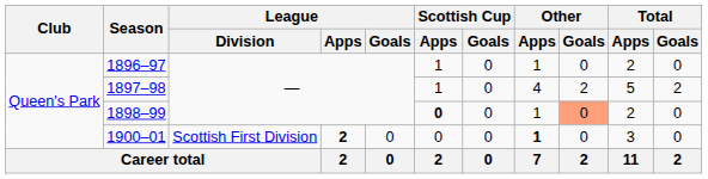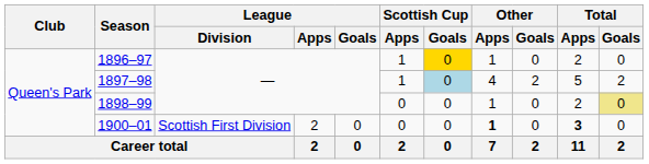 <table class="wikitable" style="text-align: center;">
 <tr>
 <th rowspan="2">Club</th>
 <th rowspan="2">Season</th>
 <th colspan="3">League</th>
 <th colspan="2">Scottish Cup</th>
 <th colspan="2">Other</th>
 <th colspan="2">Total</th>
 </tr>
 <tr>
 <th>Division</th>
 <th>Apps</th>
 <th>Goals</th>
 <th>Apps</th>
 <th>Goals</th>
 <th>Apps</th>
 <th>Goals</th>
 <th>Apps</th>
 <th>Goals</th>
 </tr>
 <tr>
 <td rowspan="4"><a href='#'>Queen's Park</a></td>
 <td><a href='#'>1896–97</a></td>
 <td colspan="3" rowspan="3">—</td>
 <td>1</td>
-<td>0</td>
+<td style="background: gold;">0</td>
 <td>1</td>
 <td>0</td>
 <td>2</td>
 <td>0</td>
 </tr>
 <tr>
 <td><a href='#'>1897–98</a></td>
 <td>1</td>
-<td>0</td>
+<td style="background: lightblue;">0</td>
 <td>4</td>
 <td>2</td>
 <td>5</td>
 <td>2</td>
 </tr>
 <tr>
 <td><a href='#'>1898–99</a></td>
-<td><strong>0</strong></td>
+<td>0</td>
 <td>0</td>
 <td>1</td>
-<td style="background: lightsalmon;">0</td>
+<td>0</td>
 <td>2</td>
-<td>0</td>
+<td style="background: khaki;">0</td>
 </tr>
 <tr>
 <td><a href='#'>1900–01</a></td>
 <td><a href='#'>Scottish First Division</a></td>
-<td><strong>2</strong></td>
+<td>2</td>
 <td>0</td>
 <td>0</td>
 <td>0</td>
 <td><strong>1</strong></td>
 <td>0</td>
-<td>3</td>
+<td><strong>3</strong></td>
 <td>0</td>
 </tr>
 <tr>
 <th colspan="3">Career total</th>
 <th>2</th>
 <th>0</th>
 <th>2</th>
 <th>0</th>
 <th>7</th>
 <th>2</th>
 <th>11</th>
 <th>2</th>
 </tr>
 </table>
